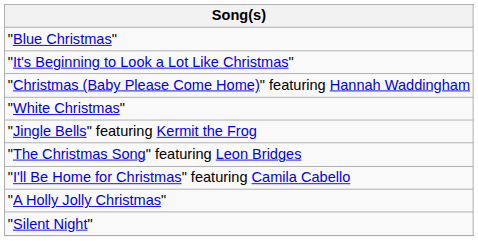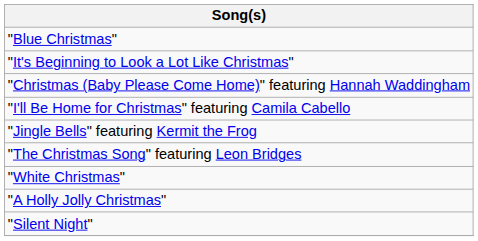 <table class="wikitable plainrowheaders">
 <tr>
 <th scope="col">Song(s)</th>
 </tr>
 <tr>
 <td>"<a href='#'>Blue Christmas</a>"</td>
 </tr>
 <tr>
 <td>"<a href='#'>It's Beginning to Look a Lot Like Christmas</a>"</td>
 </tr>
 <tr>
 <td>"<a href='#'>Christmas (Baby Please Come Home)</a>" featuring <a href='#'>Hannah Waddingham</a></td>
 </tr>
 <tr>
-<td>"<a href='#'>White Christmas</a>"</td>
+<td>"<a href='#'>I'll Be Home for Christmas</a>" featuring <a href='#'>Camila Cabello</a></td>
 </tr>
 <tr>
 <td>"<a href='#'>Jingle Bells</a>" featuring <a href='#'>Kermit the Frog</a></td>
 </tr>
 <tr>
 <td>"<a href='#'>The Christmas Song</a>" featuring <a href='#'>Leon Bridges</a></td>
 </tr>
 <tr>
-<td>"<a href='#'>I'll Be Home for Christmas</a>" featuring <a href='#'>Camila Cabello</a></td>
+<td>"<a href='#'>White Christmas</a>"</td>
 </tr>
 <tr>
 <td>"<a href='#'>A Holly Jolly Christmas</a>"</td>
 </tr>
 <tr>
 <td>"<a href='#'>Silent Night</a>"</td>
 </tr>
 <tr>
 </tr>
 </table>
